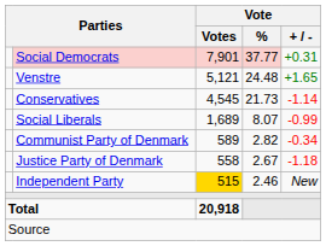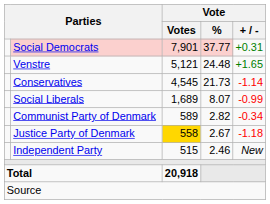 <table class="wikitable" style="text-align:right;">
 <tr>
 <th style="text-align:centre;" rowspan="2" colspan="2" width="225">Parties</th>
 <th colspan="3">Vote</th>
 </tr>
 <tr>
 <th width="15">Votes</th>
 <th width="15">%</th>
 <th width="15">+ / -</th>
 </tr>
 <tr>
 <td width="2" style="color:inherit;background:"></td>
 <td bgcolor=#fbd0ce  align="left"><a href='#'>Social Democrats</a></td>
 <td bgcolor=#fbd0ce>7,901</td>
 <td bgcolor=#fbd0ce>37.77</td>
 <td style=color:green;>+0.31</td>
 </tr>
 <tr>
 <td width="2" style="color:inherit;background:"></td>
 <td align="left"><a href='#'>Venstre</a></td>
 <td>5,121</td>
 <td>24.48</td>
 <td style=color:green;>+1.65</td>
 </tr>
 <tr>
 <td width="2" style="color:inherit;background:"></td>
 <td align="left"><a href='#'>Conservatives</a></td>
 <td>4,545</td>
 <td>21.73</td>
 <td style=color:red;>-1.14</td>
 </tr>
 <tr>
 <td width="2" style="color:inherit;background:"></td>
 <td align="left"><a href='#'>Social Liberals</a></td>
 <td>1,689</td>
 <td>8.07</td>
 <td style=color:red;>-0.99</td>
 </tr>
 <tr>
 <td width="2" style="color:inherit;background:"></td>
 <td align="left"><a href='#'>Communist Party of Denmark</a></td>
 <td>589</td>
 <td>2.82</td>
 <td style=color:red;>-0.34</td>
 </tr>
 <tr>
 <td width="2" style="color:inherit;background:"></td>
 <td align="left"><a href='#'>Justice Party of Denmark</a></td>
-<td>558</td>
+<td style="background: gold;">558</td>
 <td>2.67</td>
 <td style=color:red;>-1.18</td>
 </tr>
 <tr>
 <td width="2" style="color:inherit;background:"></td>
 <td align="left"><a href='#'>Independent Party</a></td>
-<td style="background: gold;">515</td>
+<td>515</td>
 <td>2.46</td>
 <td><em>New</em></td>
 </tr>
 <tr>
 <td colspan="7" bgcolor="#E9E9E9"></td>
 </tr>
 <tr>
 <td align="left" colspan="2"><strong>Total</strong></td>
 <td><strong>20,918</strong></td>
 <td bgcolor="#E9E9E9" colspan="2"></td>
 </tr>
 <tr>
 <td align="left" colspan="6">Source</td>
 </tr>
 </table>
